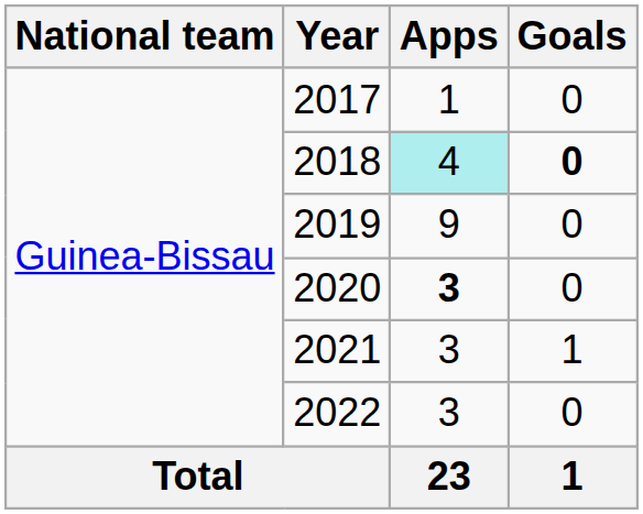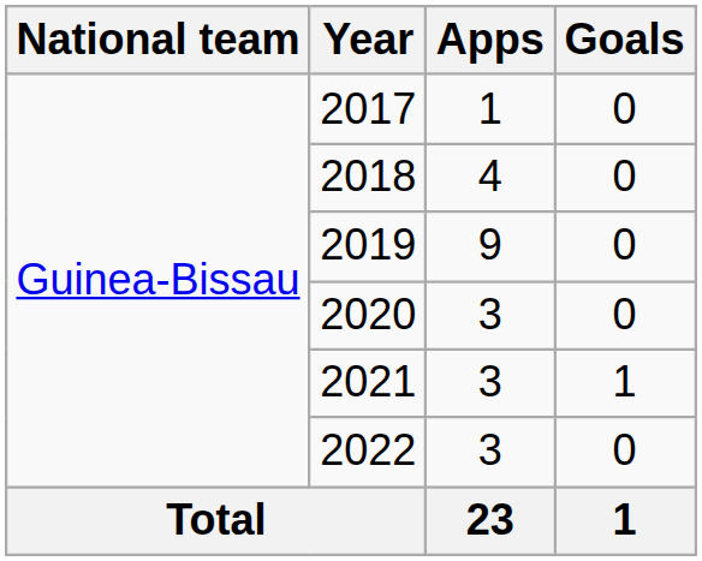 <table class="wikitable" style="text-align:center">
 <tr>
 <th>National team</th>
 <th>Year</th>
 <th>Apps</th>
 <th>Goals</th>
 </tr>
 <tr>
 <td rowspan="6"><a href='#'>Guinea-Bissau</a></td>
 <td>2017</td>
 <td>1</td>
 <td>0</td>
 </tr>
 <tr>
 <td>2018</td>
-<td style="background: paleturquoise;">4</td>
-<td><strong>0</strong></td>
+<td>4</td>
+<td>0</td>
 </tr>
 <tr>
 <td>2019</td>
 <td>9</td>
 <td>0</td>
 </tr>
 <tr>
 <td>2020</td>
-<td><strong>3</strong></td>
+<td>3</td>
 <td>0</td>
 </tr>
 <tr>
 <td>2021</td>
 <td>3</td>
 <td>1</td>
 </tr>
 <tr>
 <td>2022</td>
 <td>3</td>
 <td>0</td>
 </tr>
 <tr>
 <th colspan="2">Total</th>
 <th>23</th>
 <th>1</th>
 </tr>
 </table>
